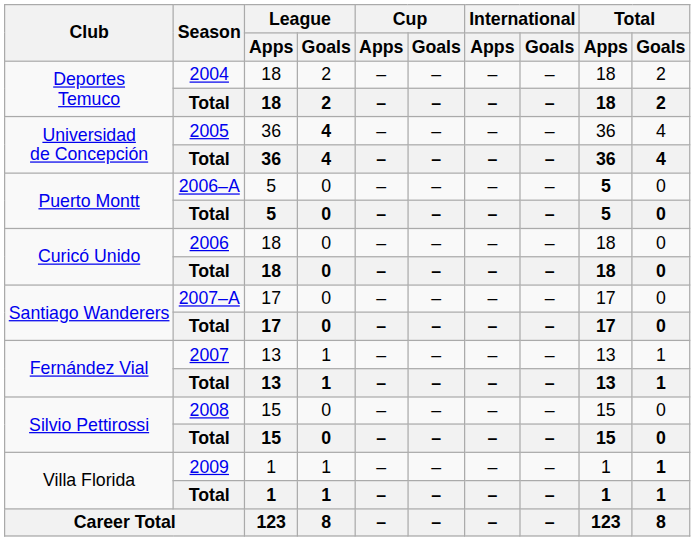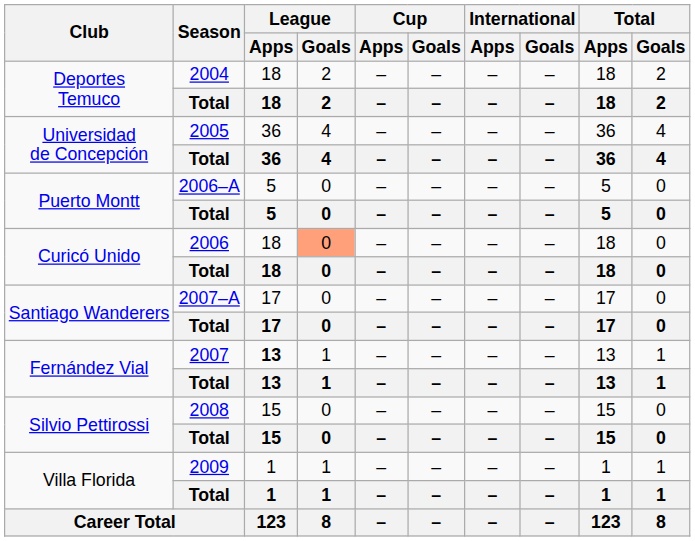 <table class="wikitable" style="font-size:90%; text-align: center;">
 <tr>
 <th rowspan="2">Club</th>
 <th rowspan="2">Season</th>
 <th colspan="2">League</th>
 <th colspan="2">Cup</th>
 <th colspan="2">International</th>
 <th colspan="2">Total</th>
 </tr>
 <tr>
 <th>Apps</th>
 <th>Goals</th>
 <th>Apps</th>
 <th>Goals</th>
 <th>Apps</th>
 <th>Goals</th>
 <th>Apps</th>
 <th>Goals</th>
 </tr>
 <tr>
 <td rowspan="2" style="text-align:center;"><a href='#'>Deportes<br>Temuco</a></td>
 <td><a href='#'>2004</a></td>
 <td>18</td>
 <td>2</td>
 <td>–</td>
 <td>–</td>
 <td>–</td>
 <td>–</td>
 <td>18</td>
 <td>2</td>
 </tr>
 <tr>
 <th>Total</th>
 <th>18</th>
 <th>2</th>
 <th>–</th>
 <th>–</th>
 <th>–</th>
 <th>–</th>
 <th>18</th>
 <th>2</th>
 </tr>
 <tr>
 <td rowspan="2" style="text-align:center;"><a href='#'>Universidad<br>de Concepción</a></td>
 <td><a href='#'>2005</a></td>
 <td>36</td>
-<td><strong>4</strong></td>
+<td>4</td>
 <td>–</td>
 <td>–</td>
 <td>–</td>
 <td>–</td>
 <td>36</td>
 <td>4</td>
 </tr>
 <tr>
 <th>Total</th>
 <th>36</th>
 <th>4</th>
 <th>–</th>
 <th>–</th>
 <th>–</th>
 <th>–</th>
 <th>36</th>
 <th>4</th>
 </tr>
 <tr>
 <td rowspan="2" style="text-align:center;"><a href='#'>Puerto Montt</a></td>
 <td><a href='#'>2006–A</a></td>
 <td>5</td>
 <td>0</td>
 <td>–</td>
 <td>–</td>
 <td>–</td>
 <td>–</td>
-<td><strong>5</strong></td>
+<td>5</td>
 <td>0</td>
 </tr>
 <tr>
 <th>Total</th>
 <th>5</th>
 <th>0</th>
 <th>–</th>
 <th>–</th>
 <th>–</th>
 <th>–</th>
 <th>5</th>
 <th>0</th>
 </tr>
 <tr>
 <td rowspan="2"><a href='#'>Curicó Unido</a></td>
 <td><a href='#'>2006</a></td>
 <td>18</td>
-<td>0</td>
+<td style="background: lightsalmon;">0</td>
 <td>–</td>
 <td>–</td>
 <td>–</td>
 <td>–</td>
 <td>18</td>
 <td>0</td>
 </tr>
 <tr>
 <th>Total</th>
 <th>18</th>
 <th>0</th>
 <th>–</th>
 <th>–</th>
 <th>–</th>
 <th>–</th>
 <th>18</th>
 <th>0</th>
 </tr>
 <tr>
 <td rowspan="2"><a href='#'>Santiago Wanderers</a></td>
 <td><a href='#'>2007–A</a></td>
 <td>17</td>
 <td>0</td>
 <td>–</td>
 <td>–</td>
 <td>–</td>
 <td>–</td>
 <td>17</td>
 <td>0</td>
 </tr>
 <tr>
 <th>Total</th>
 <th>17</th>
 <th>0</th>
 <th>–</th>
 <th>–</th>
 <th>–</th>
 <th>–</th>
 <th>17</th>
 <th>0</th>
 </tr>
 <tr>
 <td rowspan="2"><a href='#'>Fernández Vial</a></td>
 <td><a href='#'>2007</a></td>
-<td>13</td>
+<td><strong>13</strong></td>
 <td>1</td>
 <td>–</td>
 <td>–</td>
 <td>–</td>
 <td>–</td>
 <td>13</td>
 <td>1</td>
 </tr>
 <tr>
 <th>Total</th>
 <th>13</th>
 <th>1</th>
 <th>–</th>
 <th>–</th>
 <th>–</th>
 <th>–</th>
 <th>13</th>
 <th>1</th>
 </tr>
 <tr>
 <td rowspan="2"><a href='#'>Silvio Pettirossi</a></td>
 <td><a href='#'>2008</a></td>
 <td>15</td>
 <td>0</td>
 <td>–</td>
 <td>–</td>
 <td>–</td>
 <td>–</td>
 <td>15</td>
 <td>0</td>
 </tr>
 <tr>
 <th>Total</th>
 <th>15</th>
 <th>0</th>
 <th>–</th>
 <th>–</th>
 <th>–</th>
 <th>–</th>
 <th>15</th>
 <th>0</th>
 </tr>
 <tr>
 <td rowspan="2">Villa Florida</td>
 <td><a href='#'>2009</a></td>
 <td>1</td>
 <td>1</td>
 <td>–</td>
 <td>–</td>
 <td>–</td>
 <td>–</td>
 <td>1</td>
-<td><strong>1</strong></td>
+<td>1</td>
 </tr>
 <tr>
 <th>Total</th>
 <th>1</th>
 <th>1</th>
 <th>–</th>
 <th>–</th>
 <th>–</th>
 <th>–</th>
 <th>1</th>
 <th>1</th>
 </tr>
 <tr>
 <th colspan=2>Career Total</th>
 <th>123</th>
 <th>8</th>
 <th>–</th>
 <th>–</th>
 <th>–</th>
 <th>–</th>
 <th>123</th>
 <th>8</th>
 </tr>
 </table>
